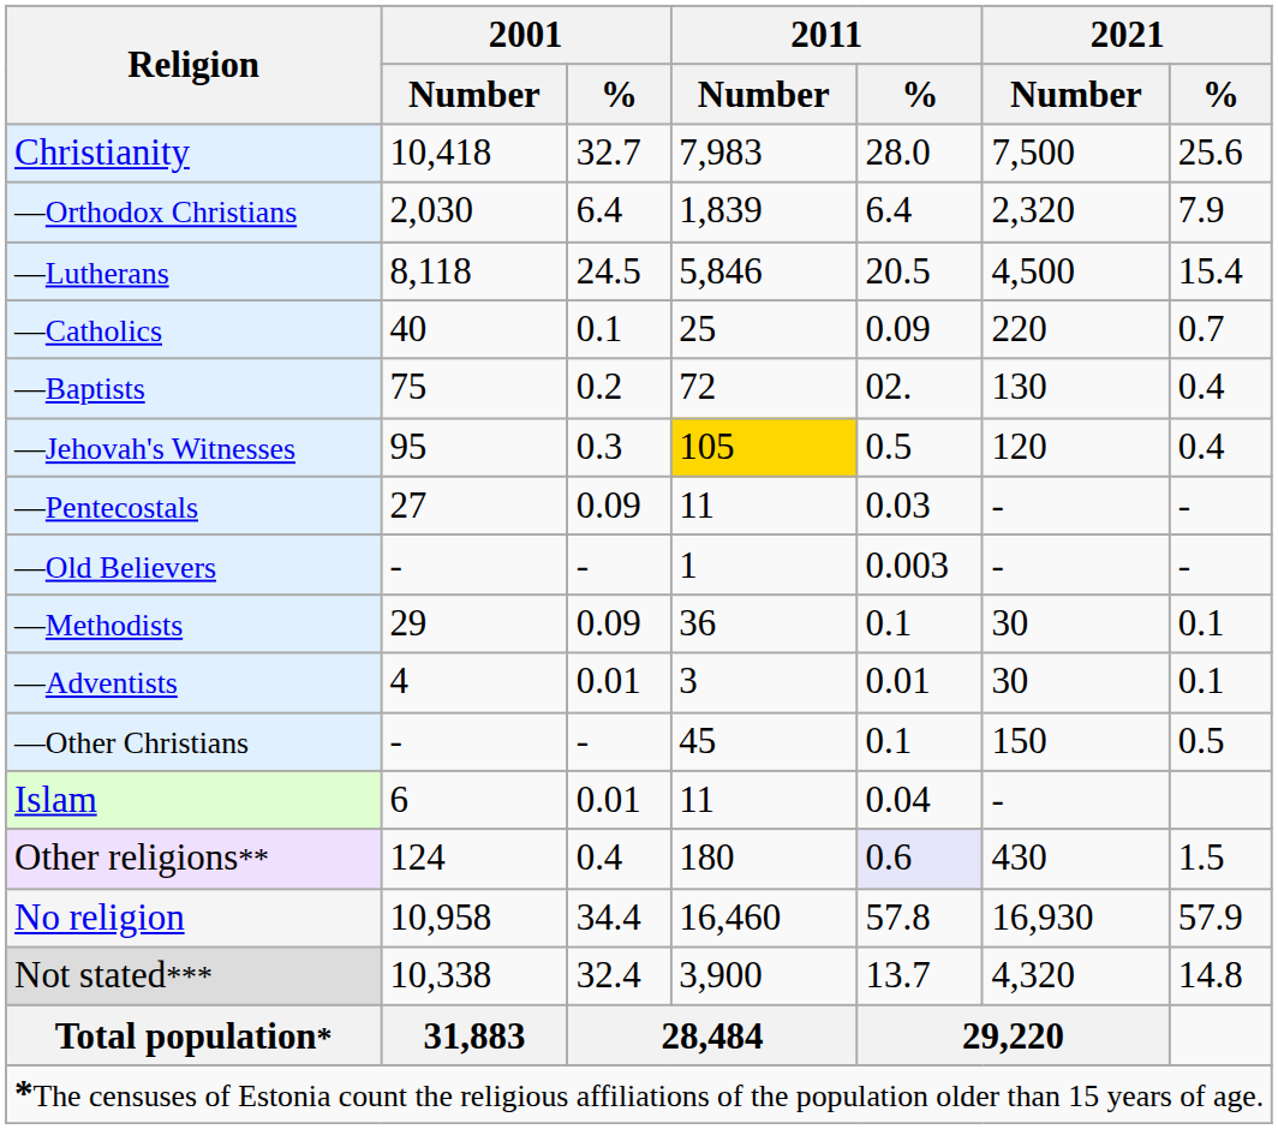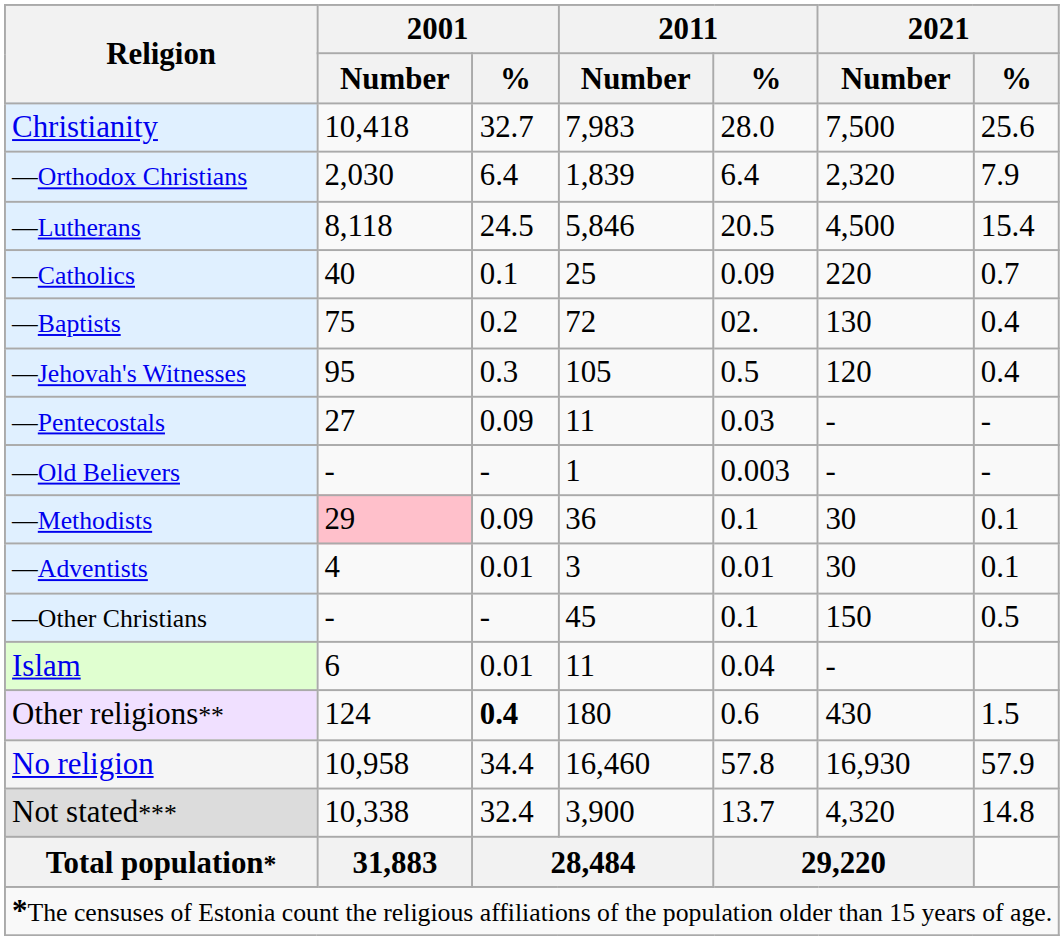 <table class="wikitable">
 <tr>
 <th rowspan="2">Religion</th>
 <th style="text-align:center;" colspan="2">2001</th>
 <th style="text-align:center;" colspan="2">2011</th>
 <th style="text-align:center;" colspan="2">2021</th>
 </tr>
 <tr>
 <th>Number</th>
 <th>%</th>
 <th>Number</th>
 <th>%</th>
 <th>Number</th>
 <th>%</th>
 </tr>
 <tr>
 <td style="background:#E0F0FF;"><a href='#'>Christianity</a></td>
 <td>10,418</td>
 <td>32.7</td>
 <td>7,983</td>
 <td>28.0</td>
 <td>7,500</td>
 <td>25.6</td>
 </tr>
 <tr>
 <td style="background:#E0F0FF;"><small>—<a href='#'>Orthodox Christians</a></small></td>
 <td>2,030</td>
 <td>6.4</td>
 <td><small></small>1,839</td>
 <td><small></small>6.4</td>
 <td><small></small>2,320</td>
 <td><small></small>7.9</td>
 </tr>
 <tr>
 <td style="background:#E0F0FF;"><small>—<a href='#'>Lutherans</a></small></td>
 <td>8,118</td>
 <td><small></small>24.5</td>
 <td><small></small>5,846</td>
 <td><small></small>20.5</td>
 <td><small></small>4,500</td>
 <td><small></small>15.4</td>
 </tr>
 <tr>
 <td style="background:#E0F0FF;"><small>—<a href='#'>Catholics</a></small></td>
 <td>40</td>
 <td><small></small>0.1</td>
 <td><small></small>25</td>
 <td><small></small>0.09</td>
 <td><small></small>220</td>
 <td><small></small>0.7</td>
 </tr>
 <tr>
 <td style="background:#E0F0FF;"><small>—<a href='#'>Baptists</a></small></td>
 <td><small></small>75</td>
 <td><small></small>0.2</td>
 <td><small></small>72</td>
 <td><small></small>02.</td>
 <td><small></small>130</td>
 <td><small></small>0.4</td>
 </tr>
 <tr>
 <td style="background:#E0F0FF;"><small>—<a href='#'>Jehovah's Witnesses</a></small></td>
 <td><small></small>95</td>
 <td><small></small>0.3</td>
-<td style="background: gold;"><small></small>105</td>
+<td><small></small>105</td>
 <td><small></small>0.5</td>
 <td><small></small>120</td>
 <td><small></small>0.4</td>
 </tr>
 <tr>
 <td style="background:#E0F0FF;"><small>—<a href='#'>Pentecostals</a></small></td>
 <td><small></small>27</td>
 <td><small></small>0.09</td>
 <td><small></small>11</td>
 <td><small></small>0.03</td>
 <td><small></small>-</td>
 <td><small></small>-</td>
 </tr>
 <tr>
 <td style="background:#E0F0FF;"><small>—<a href='#'>Old Believers</a></small></td>
 <td><small></small>-</td>
 <td><small></small>-</td>
 <td><small></small>1</td>
 <td><small></small>0.003</td>
 <td><small></small>-</td>
 <td><small></small>-</td>
 </tr>
 <tr>
 <td style="background:#E0F0FF;"><small>—<a href='#'>Methodists</a></small></td>
-<td><small></small>29</td>
+<td style="background: pink;"><small></small>29</td>
 <td><small></small>0.09</td>
 <td><small></small>36</td>
 <td><small></small>0.1</td>
 <td><small></small>30</td>
 <td><small></small>0.1</td>
 </tr>
 <tr>
 <td style="background:#E0F0FF;"><small>—<a href='#'>Adventists</a></small></td>
 <td><small></small>4</td>
 <td><small></small>0.01</td>
 <td><small></small>3</td>
 <td><small></small>0.01</td>
 <td><small></small>30</td>
 <td><small></small>0.1</td>
 </tr>
 <tr>
 <td style="background:#E0F0FF;"><small>—Other Christians</small></td>
 <td><small></small>-</td>
 <td><small></small>-</td>
 <td><small></small>45</td>
 <td><small></small>0.1</td>
 <td><small></small>150</td>
 <td><small></small>0.5</td>
 </tr>
 <tr>
 <td style="background:#E0FFD0;"><a href='#'>Islam</a></td>
 <td>6</td>
 <td>0.01</td>
 <td>11</td>
 <td>0.04</td>
 <td>-</td>
 <td></td>
 </tr>
 <tr>
 <td style="background:#F0E0FF;">Other religions<small>**</small></td>
 <td>124</td>
-<td>0.4</td>
+<td><strong>0.4</strong></td>
 <td>180</td>
-<td style="background: lavender;">0.6</td>
+<td>0.6</td>
 <td>430</td>
 <td>1.5</td>
 </tr>
 <tr>
 <td style="background:#F5F5F5;"><a href='#'>No religion</a></td>
 <td>10,958</td>
 <td>34.4</td>
 <td>16,460</td>
 <td>57.8</td>
 <td>16,930</td>
 <td>57.9</td>
 </tr>
 <tr>
 <td style="background:#DCDCDC;">Not stated<small>***</small></td>
 <td>10,338</td>
 <td>32.4</td>
 <td>3,900</td>
 <td>13.7</td>
 <td>4,320</td>
 <td>14.8</td>
 </tr>
 <tr>
 <th>Total population<small>*</small></th>
 <th>31,883</th>
 <th colspan="2">28,484</th>
 <th colspan="2">29,220</th>
 </tr>
 <tr>
 <td colspan="7"><strong>*</strong><small>The censuses of Estonia count the religious affiliations of the population older than 15 years of age.</small></td>
 </tr>
 </table>
